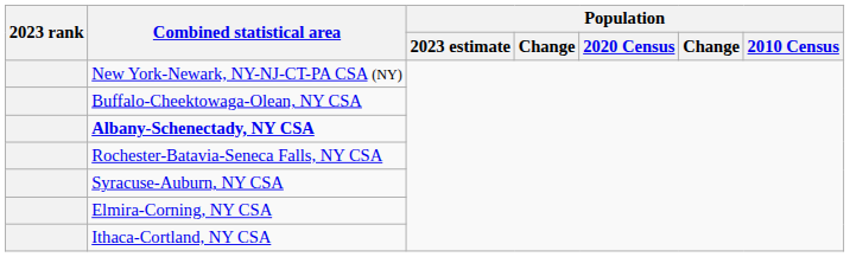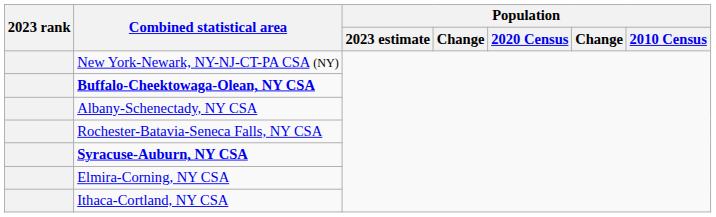 <table class="wikitable sortable">
 <tr>
 <th scope=col rowspan=2>2023 rank</th>
 <th scope=col rowspan=2><a href='#'>Combined statistical area</a></th>
 <th colspan=5>Population</th>
 </tr>
 <tr>
 <th scope=col>2023 estimate</th>
 <th scope=col>Change</th>
 <th scope=col><a href='#'>2020 Census</a></th>
 <th scope=col>Change</th>
 <th scope=col><a href='#'>2010 Census</a></th>
 </tr>
 <tr>
 <th scope=row></th>
 <td><a href='#'>New York-Newark, NY-NJ-CT-PA CSA</a> <small>(NY)</small><br></td>
 </tr>
 <tr>
 <th scope=row></th>
-<td><a href='#'>Buffalo-Cheektowaga-Olean, NY CSA</a><br></td>
+<td><strong><a href='#'>Buffalo-Cheektowaga-Olean, NY CSA</a><br></strong></td>
 </tr>
 <tr>
 <th scope=row></th>
-<td><strong><a href='#'>Albany-Schenectady, NY CSA</a><br></strong></td>
+<td><a href='#'>Albany-Schenectady, NY CSA</a><br></td>
 </tr>
 <tr>
 <th scope=row></th>
 <td><a href='#'>Rochester-Batavia-Seneca Falls, NY CSA</a><br></td>
 </tr>
 <tr>
 <th scope=row></th>
-<td><a href='#'>Syracuse-Auburn, NY CSA</a><br></td>
+<td><strong><a href='#'>Syracuse-Auburn, NY CSA</a><br></strong></td>
 </tr>
 <tr>
 <th scope=row></th>
 <td><a href='#'>Elmira-Corning, NY CSA</a><br></td>
 </tr>
 <tr>
 <th scope=row></th>
 <td><a href='#'>Ithaca-Cortland, NY CSA</a><br></td>
 </tr>
 </table>
